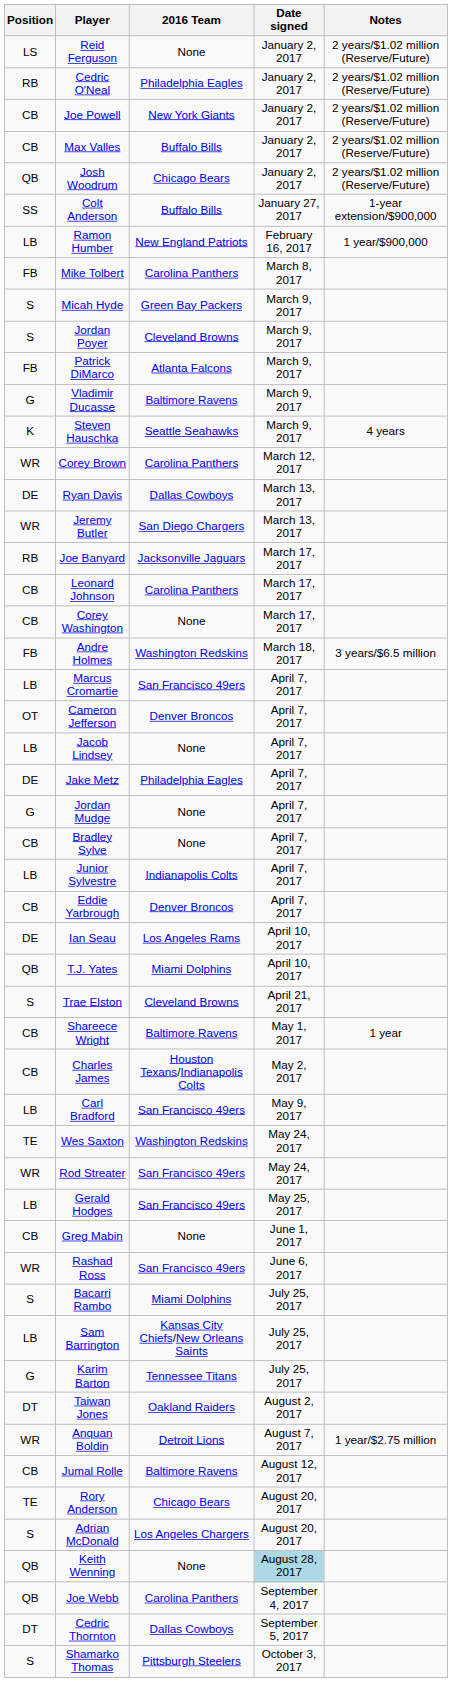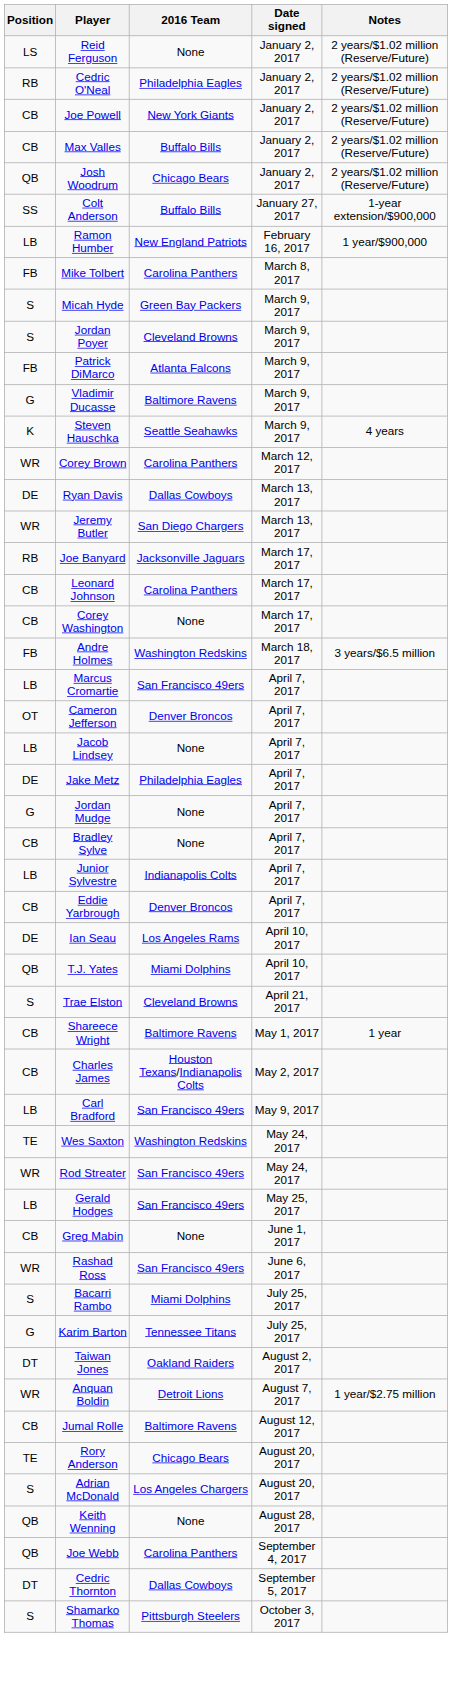 <table class="wikitable sortable" style="text-align:center">
 <tr>
 <th>Position</th>
 <th>Player</th>
 <th>2016 Team</th>
 <th>Date signed</th>
 <th>Notes</th>
 </tr>
 <tr>
 <td>LS</td>
 <td><a href='#'>Reid Ferguson</a></td>
 <td>None</td>
 <td>January 2, 2017</td>
 <td>2 years/$1.02 million (Reserve/Future)</td>
 </tr>
 <tr>
 <td>RB</td>
 <td><a href='#'>Cedric O'Neal</a></td>
 <td><a href='#'>Philadelphia Eagles</a></td>
 <td>January 2, 2017</td>
 <td>2 years/$1.02 million (Reserve/Future)</td>
 </tr>
 <tr>
 <td>CB</td>
 <td><a href='#'>Joe Powell</a></td>
 <td><a href='#'>New York Giants</a></td>
 <td>January 2, 2017</td>
 <td>2 years/$1.02 million (Reserve/Future)</td>
 </tr>
 <tr>
 <td>CB</td>
 <td><a href='#'>Max Valles</a></td>
 <td><a href='#'>Buffalo Bills</a></td>
 <td>January 2, 2017</td>
 <td>2 years/$1.02 million (Reserve/Future)</td>
 </tr>
 <tr>
 <td>QB</td>
 <td><a href='#'>Josh Woodrum</a></td>
 <td><a href='#'>Chicago Bears</a></td>
 <td>January 2, 2017</td>
 <td>2 years/$1.02 million (Reserve/Future)</td>
 </tr>
 <tr>
 <td>SS</td>
 <td><a href='#'>Colt Anderson</a></td>
 <td><a href='#'>Buffalo Bills</a></td>
 <td>January 27, 2017</td>
 <td>1-year extension/$900,000</td>
 </tr>
 <tr>
 <td>LB</td>
 <td><a href='#'>Ramon Humber</a></td>
 <td><a href='#'>New England Patriots</a></td>
 <td>February 16, 2017</td>
 <td>1 year/$900,000</td>
 </tr>
 <tr>
 <td>FB</td>
 <td><a href='#'>Mike Tolbert</a></td>
 <td><a href='#'>Carolina Panthers</a></td>
 <td>March 8, 2017</td>
 <td></td>
 </tr>
 <tr>
 <td>S</td>
 <td><a href='#'>Micah Hyde</a></td>
 <td><a href='#'>Green Bay Packers</a></td>
 <td>March 9, 2017</td>
 <td></td>
 </tr>
 <tr>
 <td>S</td>
 <td><a href='#'>Jordan Poyer</a></td>
 <td><a href='#'>Cleveland Browns</a></td>
 <td>March 9, 2017</td>
 <td></td>
 </tr>
 <tr>
 <td>FB</td>
 <td><a href='#'>Patrick DiMarco</a></td>
 <td><a href='#'>Atlanta Falcons</a></td>
 <td>March 9, 2017</td>
 <td></td>
 </tr>
 <tr>
 <td>G</td>
 <td><a href='#'>Vladimir Ducasse</a></td>
 <td><a href='#'>Baltimore Ravens</a></td>
 <td>March 9, 2017</td>
 <td></td>
 </tr>
 <tr>
 <td>K</td>
 <td><a href='#'>Steven Hauschka</a></td>
 <td><a href='#'>Seattle Seahawks</a></td>
 <td>March 9, 2017</td>
 <td>4 years</td>
 </tr>
 <tr>
 <td>WR</td>
 <td><a href='#'>Corey Brown</a></td>
 <td><a href='#'>Carolina Panthers</a></td>
 <td>March 12, 2017</td>
 <td></td>
 </tr>
 <tr>
 <td>DE</td>
 <td><a href='#'>Ryan Davis</a></td>
 <td><a href='#'>Dallas Cowboys</a></td>
 <td>March 13, 2017</td>
 <td></td>
 </tr>
 <tr>
 <td>WR</td>
 <td><a href='#'>Jeremy Butler</a></td>
 <td><a href='#'>San Diego Chargers</a></td>
 <td>March 13, 2017</td>
 <td></td>
 </tr>
 <tr>
 <td>RB</td>
 <td><a href='#'>Joe Banyard</a></td>
 <td><a href='#'>Jacksonville Jaguars</a></td>
 <td>March 17, 2017</td>
 <td></td>
 </tr>
 <tr>
 <td>CB</td>
 <td><a href='#'>Leonard Johnson</a></td>
 <td><a href='#'>Carolina Panthers</a></td>
 <td>March 17, 2017</td>
 <td></td>
 </tr>
 <tr>
 <td>CB</td>
 <td><a href='#'>Corey Washington</a></td>
 <td>None</td>
 <td>March 17, 2017</td>
 <td></td>
 </tr>
 <tr>
 <td>FB</td>
 <td><a href='#'>Andre Holmes</a></td>
 <td><a href='#'>Washington Redskins</a></td>
 <td>March 18, 2017</td>
 <td>3 years/$6.5 million</td>
 </tr>
 <tr>
 <td>LB</td>
 <td><a href='#'>Marcus Cromartie</a></td>
 <td><a href='#'>San Francisco 49ers</a></td>
 <td>April 7, 2017</td>
 <td></td>
 </tr>
 <tr>
 <td>OT</td>
 <td><a href='#'>Cameron Jefferson</a></td>
 <td><a href='#'>Denver Broncos</a></td>
 <td>April 7, 2017</td>
 <td></td>
 </tr>
 <tr>
 <td>LB</td>
 <td><a href='#'>Jacob Lindsey</a></td>
 <td>None</td>
 <td>April 7, 2017</td>
 <td></td>
 </tr>
 <tr>
 <td>DE</td>
 <td><a href='#'>Jake Metz</a></td>
 <td><a href='#'>Philadelphia Eagles</a></td>
 <td>April 7, 2017</td>
 <td></td>
 </tr>
 <tr>
 <td>G</td>
 <td><a href='#'>Jordan Mudge</a></td>
 <td>None</td>
 <td>April 7, 2017</td>
 <td></td>
 </tr>
 <tr>
 <td>CB</td>
 <td><a href='#'>Bradley Sylve</a></td>
 <td>None</td>
 <td>April 7, 2017</td>
 <td></td>
 </tr>
 <tr>
 <td>LB</td>
 <td><a href='#'>Junior Sylvestre</a></td>
 <td><a href='#'>Indianapolis Colts</a></td>
 <td>April 7, 2017</td>
 <td></td>
 </tr>
 <tr>
 <td>CB</td>
 <td><a href='#'>Eddie Yarbrough</a></td>
 <td><a href='#'>Denver Broncos</a></td>
 <td>April 7, 2017</td>
 <td></td>
 </tr>
 <tr>
 <td>DE</td>
 <td><a href='#'>Ian Seau</a></td>
 <td><a href='#'>Los Angeles Rams</a></td>
 <td>April 10, 2017</td>
 <td></td>
 </tr>
 <tr>
 <td>QB</td>
 <td><a href='#'>T.J. Yates</a></td>
 <td><a href='#'>Miami Dolphins</a></td>
 <td>April 10, 2017</td>
 <td></td>
 </tr>
 <tr>
 <td>S</td>
 <td><a href='#'>Trae Elston</a></td>
 <td><a href='#'>Cleveland Browns</a></td>
 <td>April 21, 2017</td>
 <td></td>
 </tr>
 <tr>
 <td>CB</td>
 <td><a href='#'>Shareece Wright</a></td>
 <td><a href='#'>Baltimore Ravens</a></td>
 <td>May 1, 2017</td>
 <td>1 year</td>
 </tr>
 <tr>
 <td>CB</td>
 <td><a href='#'>Charles James</a></td>
 <td><a href='#'>Houston Texans</a>/<a href='#'>Indianapolis Colts</a></td>
 <td>May 2, 2017</td>
 <td></td>
 </tr>
 <tr>
 <td>LB</td>
 <td><a href='#'>Carl Bradford</a></td>
 <td><a href='#'>San Francisco 49ers</a></td>
 <td>May 9, 2017</td>
 <td></td>
 </tr>
 <tr>
 <td>TE</td>
 <td><a href='#'>Wes Saxton</a></td>
 <td><a href='#'>Washington Redskins</a></td>
 <td>May 24, 2017</td>
 <td></td>
 </tr>
 <tr>
 <td>WR</td>
 <td><a href='#'>Rod Streater</a></td>
 <td><a href='#'>San Francisco 49ers</a></td>
 <td>May 24, 2017</td>
 <td></td>
 </tr>
 <tr>
 <td>LB</td>
 <td><a href='#'>Gerald Hodges</a></td>
 <td><a href='#'>San Francisco 49ers</a></td>
 <td>May 25, 2017</td>
 <td></td>
 </tr>
 <tr>
 <td>CB</td>
 <td><a href='#'>Greg Mabin</a></td>
 <td>None</td>
 <td>June 1, 2017</td>
 <td></td>
 </tr>
 <tr>
 <td>WR</td>
 <td><a href='#'>Rashad Ross</a></td>
 <td><a href='#'>San Francisco 49ers</a></td>
 <td>June 6, 2017</td>
 <td></td>
 </tr>
 <tr>
 <td>S</td>
 <td><a href='#'>Bacarri Rambo</a></td>
 <td><a href='#'>Miami Dolphins</a></td>
 <td>July 25, 2017</td>
 <td></td>
 </tr>
 <tr>
-<td>LB</td>
-<td><a href='#'>Sam Barrington</a></td>
-<td><a href='#'>Kansas City Chiefs</a>/<a href='#'>New Orleans Saints</a></td>
-<td>July 25, 2017</td>
-<td></td>
-</tr>
-<tr>
 <td>G</td>
 <td><a href='#'>Karim Barton</a></td>
 <td><a href='#'>Tennessee Titans</a></td>
 <td>July 25, 2017</td>
 <td></td>
 </tr>
 <tr>
 <td>DT</td>
 <td><a href='#'>Taiwan Jones</a></td>
 <td><a href='#'>Oakland Raiders</a></td>
 <td>August 2, 2017</td>
 <td></td>
 </tr>
 <tr>
 <td>WR</td>
 <td><a href='#'>Anquan Boldin</a></td>
 <td><a href='#'>Detroit Lions</a></td>
 <td>August 7, 2017</td>
 <td>1 year/$2.75 million</td>
 </tr>
 <tr>
 <td>CB</td>
 <td><a href='#'>Jumal Rolle</a></td>
 <td><a href='#'>Baltimore Ravens</a></td>
 <td>August 12, 2017</td>
 <td></td>
 </tr>
 <tr>
 <td>TE</td>
 <td><a href='#'>Rory Anderson</a></td>
 <td><a href='#'>Chicago Bears</a></td>
 <td>August 20, 2017</td>
 <td></td>
 </tr>
 <tr>
 <td>S</td>
 <td><a href='#'>Adrian McDonald</a></td>
 <td><a href='#'>Los Angeles Chargers</a></td>
 <td>August 20, 2017</td>
 <td></td>
 </tr>
 <tr>
 <td>QB</td>
 <td><a href='#'>Keith Wenning</a></td>
 <td>None</td>
-<td style="background: lightblue;">August 28, 2017</td>
+<td>August 28, 2017</td>
 <td></td>
 </tr>
 <tr>
 <td>QB</td>
 <td><a href='#'>Joe Webb</a></td>
 <td><a href='#'>Carolina Panthers</a></td>
 <td>September 4, 2017</td>
 <td></td>
 </tr>
 <tr>
 <td>DT</td>
 <td><a href='#'>Cedric Thornton</a></td>
 <td><a href='#'>Dallas Cowboys</a></td>
 <td>September 5, 2017</td>
 <td></td>
 </tr>
 <tr>
 <td>S</td>
 <td><a href='#'>Shamarko Thomas</a></td>
 <td><a href='#'>Pittsburgh Steelers</a></td>
 <td>October 3, 2017</td>
 <td></td>
 </tr>
 </table>
